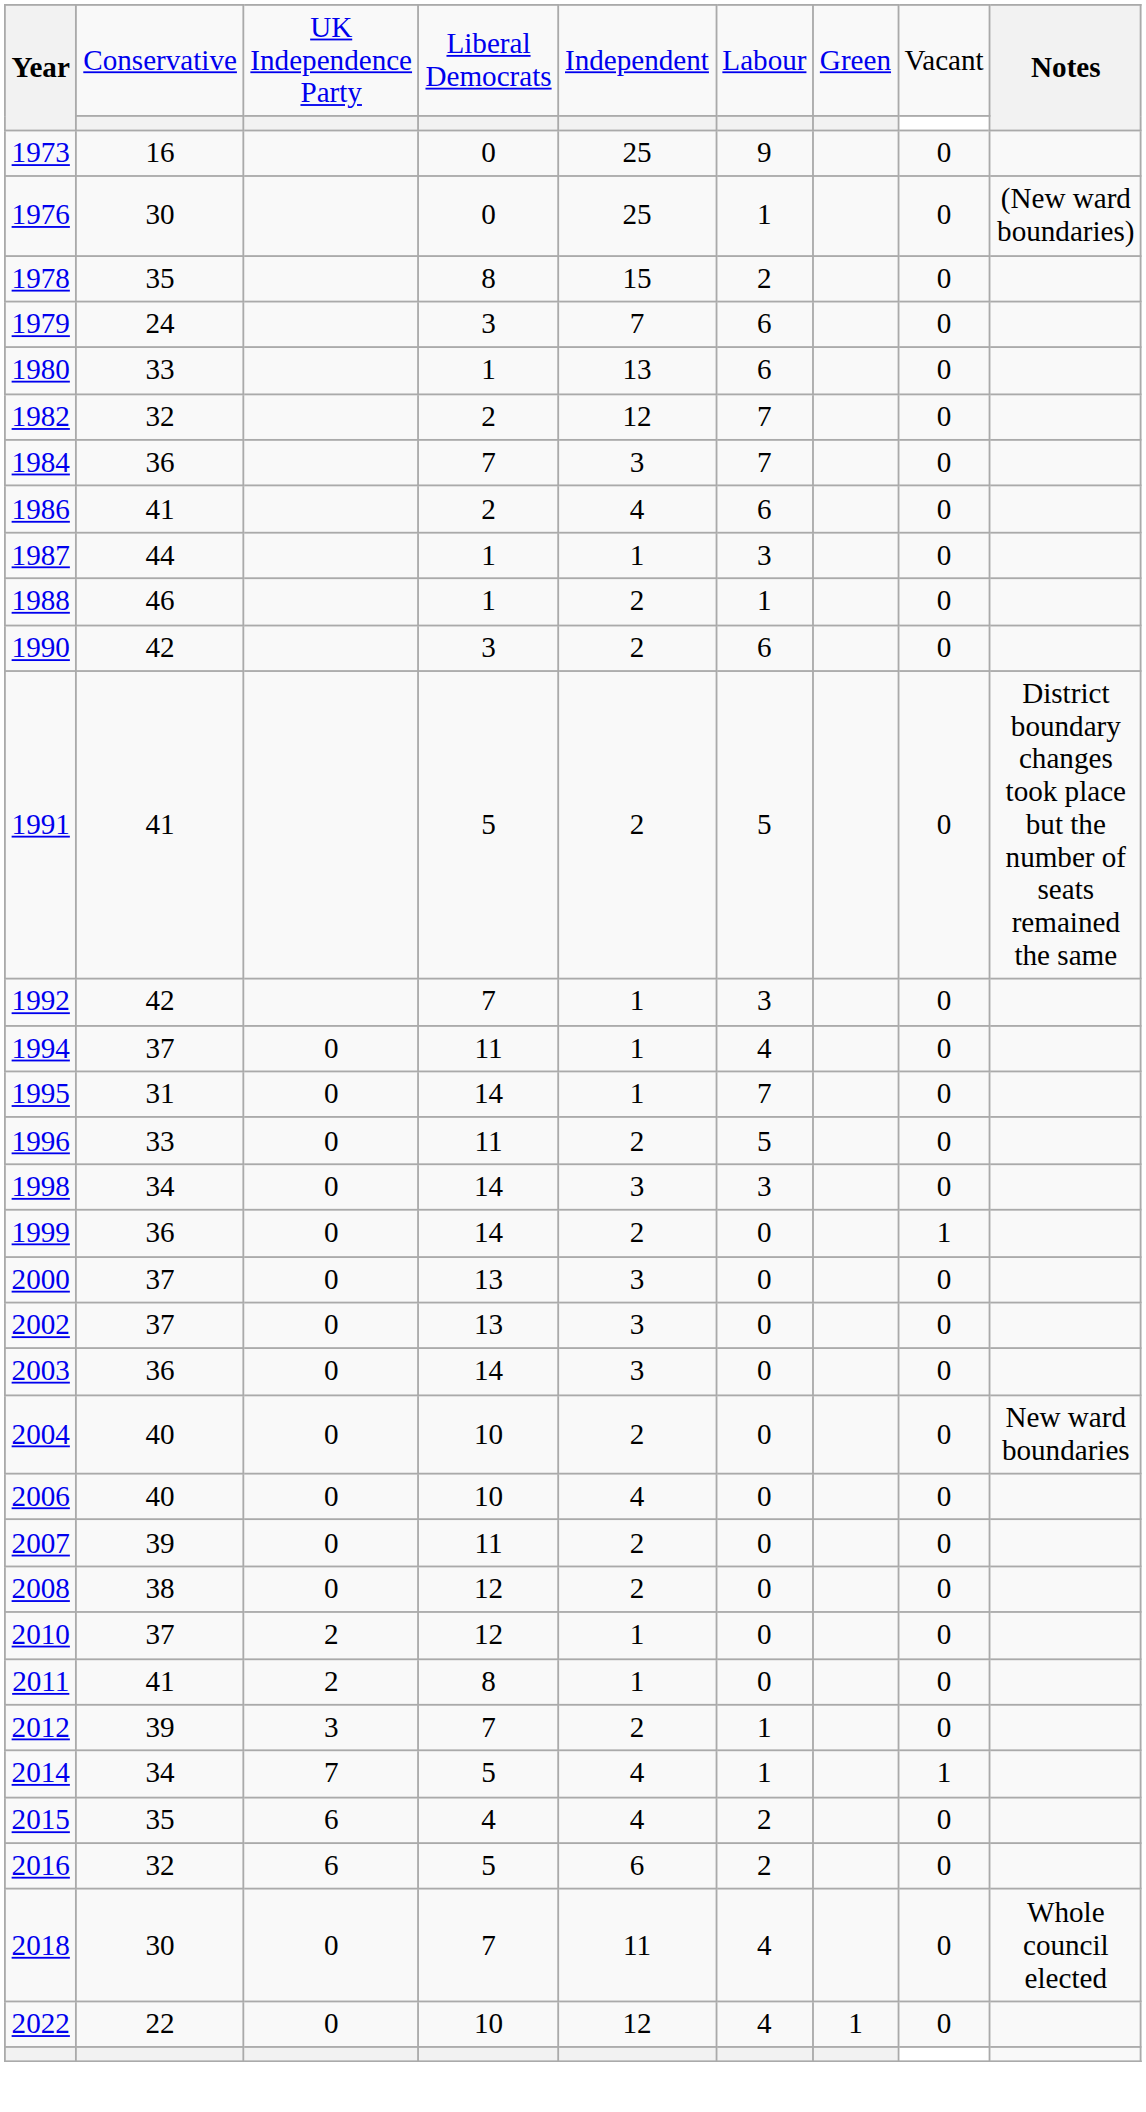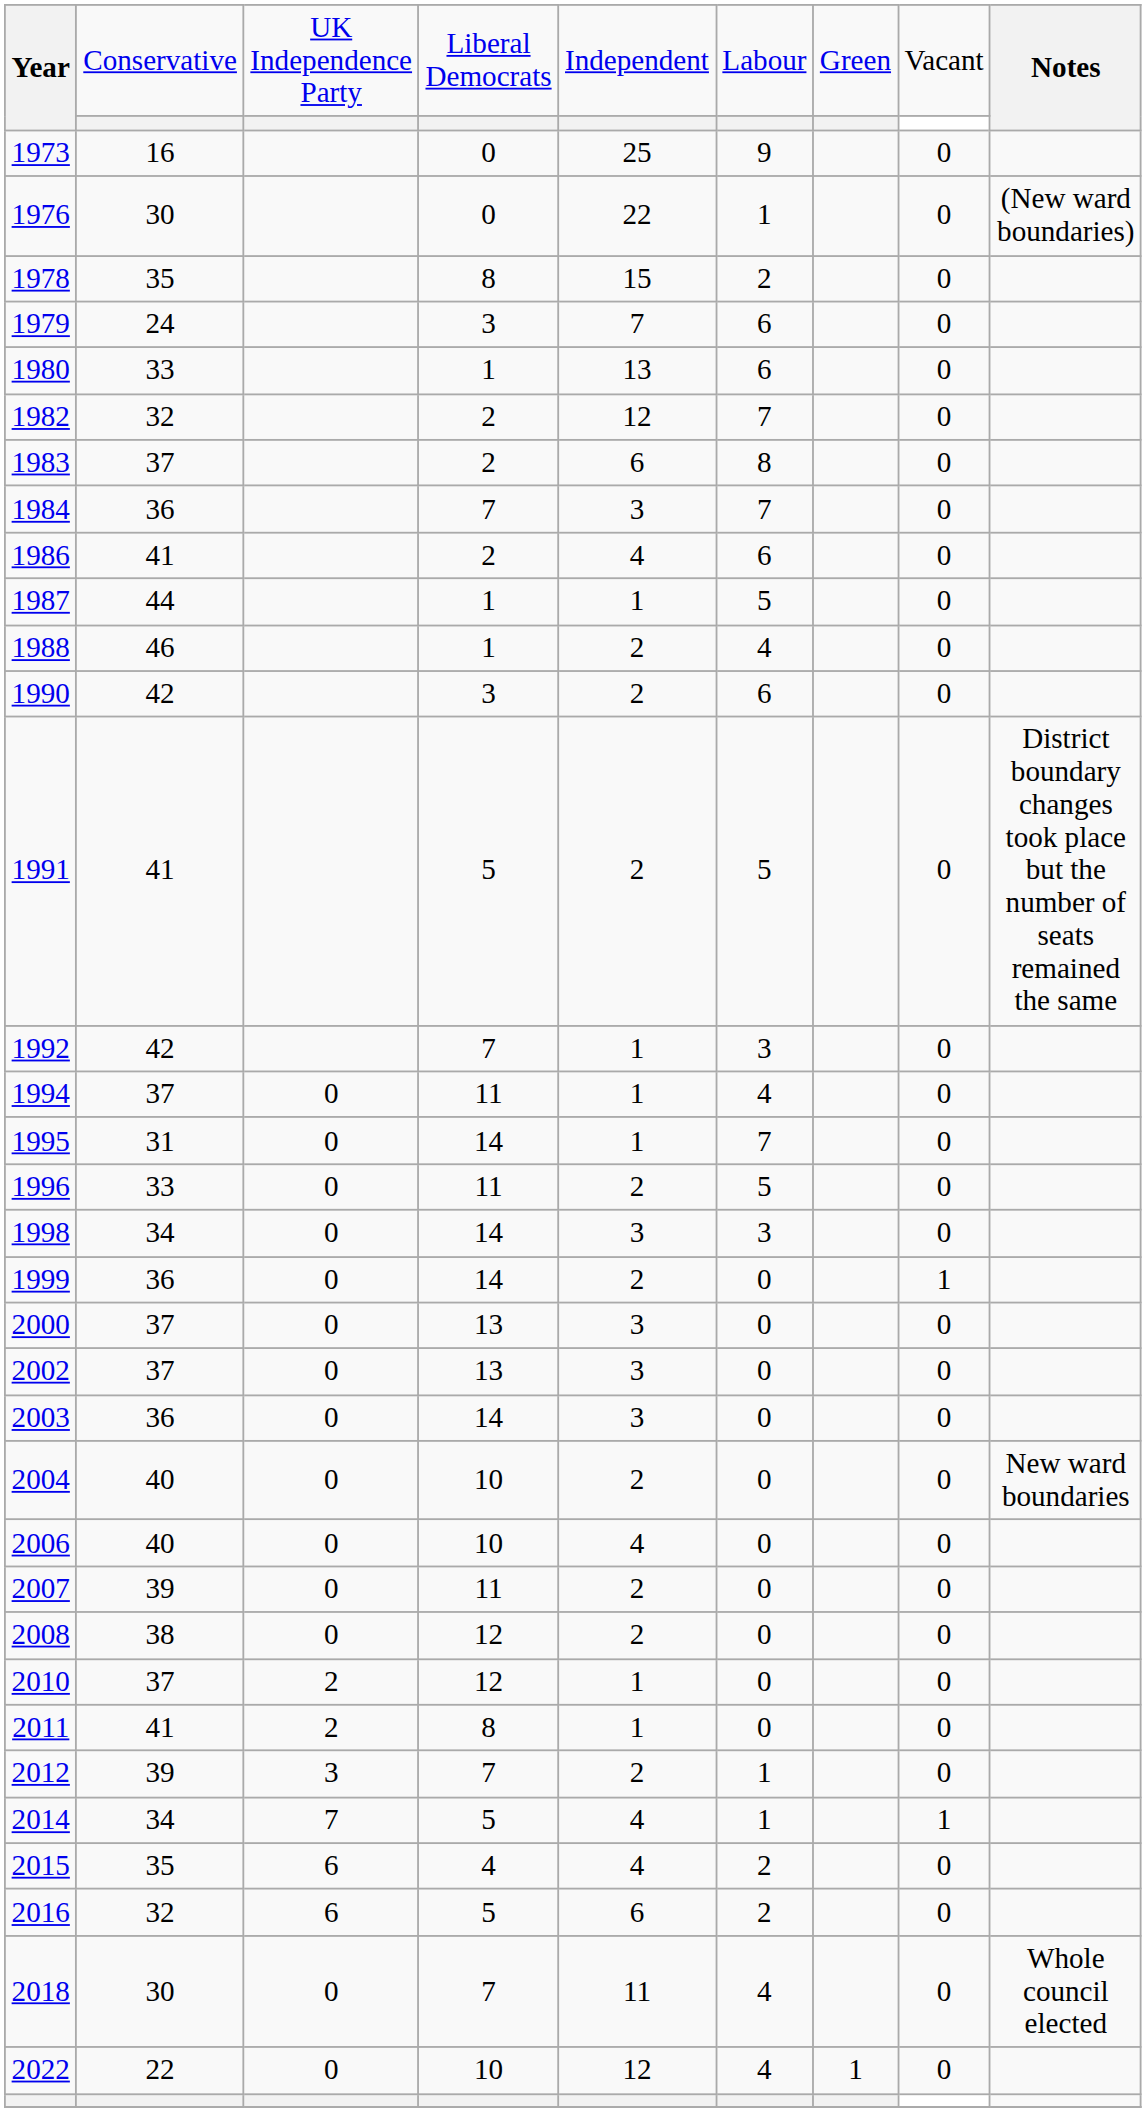 <table class=wikitable style=text-align:center>
 <tr>
 <th rowspan=2>Year</th>
 <td width="60"><a href='#'>Conservative</a></td>
 <td width="60"><a href='#'>UK Independence Party</a></td>
 <td width="60"><a href='#'>Liberal Democrats</a></td>
 <td width="60"><a href='#'>Independent</a></td>
 <td width="60"><a href='#'>Labour</a></td>
 <td><a href='#'>Green</a></td>
 <td width="60">Vacant</td>
 <th rowspan="2">Notes</th>
 </tr>
 <tr>
 <th style="background-color: "></th>
 <th style="background-color: "></th>
 <th style="background-color: "></th>
 <th style="background-color: "></th>
 <th style="background-color: "></th>
 <th style="background-color: "></th>
 <th style="background-color: white; width: 3px;"></th>
 </tr>
 <tr>
 <td><a href='#'>1973</a></td>
 <td>16</td>
 <td></td>
 <td>0</td>
 <td>25</td>
 <td>9</td>
 <td></td>
 <td>0</td>
 <td></td>
 </tr>
 <tr>
 <td><a href='#'>1976</a></td>
 <td>30</td>
 <td></td>
 <td>0</td>
-<td>25</td>
+<td>22</td>
 <td>1</td>
 <td></td>
 <td>0</td>
 <td>(New ward boundaries)</td>
 </tr>
 <tr>
 <td><a href='#'>1978</a></td>
 <td>35</td>
 <td></td>
 <td>8</td>
 <td>15</td>
 <td>2</td>
 <td></td>
 <td>0</td>
 <td></td>
 </tr>
 <tr>
 <td><a href='#'>1979</a></td>
 <td>24</td>
 <td></td>
 <td>3</td>
 <td>7</td>
 <td>6</td>
 <td></td>
 <td>0</td>
 <td></td>
 </tr>
 <tr>
 <td><a href='#'>1980</a></td>
 <td>33</td>
 <td></td>
 <td>1</td>
 <td>13</td>
 <td>6</td>
 <td></td>
 <td>0</td>
 <td></td>
 </tr>
 <tr>
 <td><a href='#'>1982</a></td>
 <td>32</td>
 <td></td>
 <td>2</td>
 <td>12</td>
 <td>7</td>
 <td></td>
 <td>0</td>
 <td></td>
 </tr>
 <tr>
+<td><a href='#'>1983</a></td>
+<td>37</td>
+<td></td>
+<td>2</td>
+<td>6</td>
+<td>8</td>
+<td></td>
+<td>0</td>
+<td></td>
+</tr>
+<tr>
 <td><a href='#'>1984</a></td>
 <td>36</td>
 <td></td>
 <td>7</td>
 <td>3</td>
 <td>7</td>
 <td></td>
 <td>0</td>
 <td></td>
 </tr>
 <tr>
 <td><a href='#'>1986</a></td>
 <td>41</td>
 <td></td>
 <td>2</td>
 <td>4</td>
 <td>6</td>
 <td></td>
 <td>0</td>
 <td></td>
 </tr>
 <tr>
 <td><a href='#'>1987</a></td>
 <td>44</td>
 <td></td>
 <td>1</td>
 <td>1</td>
-<td>3</td>
+<td>5</td>
 <td></td>
 <td>0</td>
 <td></td>
 </tr>
 <tr>
 <td><a href='#'>1988</a></td>
 <td>46</td>
 <td></td>
 <td>1</td>
 <td>2</td>
-<td>1</td>
+<td>4</td>
 <td></td>
 <td>0</td>
 <td></td>
 </tr>
 <tr>
 <td><a href='#'>1990</a></td>
 <td>42</td>
 <td></td>
 <td>3</td>
 <td>2</td>
 <td>6</td>
 <td></td>
 <td>0</td>
 <td></td>
 </tr>
 <tr>
 <td><a href='#'>1991</a></td>
 <td>41</td>
 <td></td>
 <td>5</td>
 <td>2</td>
 <td>5</td>
 <td></td>
 <td>0</td>
 <td>District boundary changes took place but the number of seats remained the same</td>
 </tr>
 <tr>
 <td><a href='#'>1992</a></td>
 <td>42</td>
 <td></td>
 <td>7</td>
 <td>1</td>
 <td>3</td>
 <td></td>
 <td>0</td>
 <td></td>
 </tr>
 <tr>
 <td><a href='#'>1994</a></td>
 <td>37</td>
 <td>0</td>
 <td>11</td>
 <td>1</td>
 <td>4</td>
 <td></td>
 <td>0</td>
 <td></td>
 </tr>
 <tr>
 <td><a href='#'>1995</a></td>
 <td>31</td>
 <td>0</td>
 <td>14</td>
 <td>1</td>
 <td>7</td>
 <td></td>
 <td>0</td>
 <td></td>
 </tr>
 <tr>
 <td><a href='#'>1996</a></td>
 <td>33</td>
 <td>0</td>
 <td>11</td>
 <td>2</td>
 <td>5</td>
 <td></td>
 <td>0</td>
 <td></td>
 </tr>
 <tr>
 <td><a href='#'>1998</a></td>
 <td>34</td>
 <td>0</td>
 <td>14</td>
 <td>3</td>
 <td>3</td>
 <td></td>
 <td>0</td>
 <td></td>
 </tr>
 <tr>
 <td><a href='#'>1999</a></td>
 <td>36</td>
 <td>0</td>
 <td>14</td>
 <td>2</td>
 <td>0</td>
 <td></td>
 <td>1</td>
 <td></td>
 </tr>
 <tr>
 <td><a href='#'>2000</a></td>
 <td>37</td>
 <td>0</td>
 <td>13</td>
 <td>3</td>
 <td>0</td>
 <td></td>
 <td>0</td>
 <td></td>
 </tr>
 <tr>
 <td><a href='#'>2002</a></td>
 <td>37</td>
 <td>0</td>
 <td>13</td>
 <td>3</td>
 <td>0</td>
 <td></td>
 <td>0</td>
 <td></td>
 </tr>
 <tr>
 <td><a href='#'>2003</a></td>
 <td>36</td>
 <td>0</td>
 <td>14</td>
 <td>3</td>
 <td>0</td>
 <td></td>
 <td>0</td>
 <td></td>
 </tr>
 <tr>
 <td><a href='#'>2004</a></td>
 <td>40</td>
 <td>0</td>
 <td>10</td>
 <td>2</td>
 <td>0</td>
 <td></td>
 <td>0</td>
 <td>New ward boundaries</td>
 </tr>
 <tr>
 <td><a href='#'>2006</a></td>
 <td>40</td>
 <td>0</td>
 <td>10</td>
 <td>4</td>
 <td>0</td>
 <td></td>
 <td>0</td>
 <td></td>
 </tr>
 <tr>
 <td><a href='#'>2007</a></td>
 <td>39</td>
 <td>0</td>
 <td>11</td>
 <td>2</td>
 <td>0</td>
 <td></td>
 <td>0</td>
 <td></td>
 </tr>
 <tr>
 <td><a href='#'>2008</a></td>
 <td>38</td>
 <td>0</td>
 <td>12</td>
 <td>2</td>
 <td>0</td>
 <td></td>
 <td>0</td>
 <td></td>
 </tr>
 <tr>
 <td><a href='#'>2010</a></td>
 <td>37</td>
 <td>2</td>
 <td>12</td>
 <td>1</td>
 <td>0</td>
 <td></td>
 <td>0</td>
 <td></td>
 </tr>
 <tr>
 <td><a href='#'>2011</a></td>
 <td>41</td>
 <td>2</td>
 <td>8</td>
 <td>1</td>
 <td>0</td>
 <td></td>
 <td>0</td>
 <td></td>
 </tr>
 <tr>
 <td><a href='#'>2012</a></td>
 <td>39</td>
 <td>3</td>
 <td>7</td>
 <td>2</td>
 <td>1</td>
 <td></td>
 <td>0</td>
 <td></td>
 </tr>
 <tr>
 <td><a href='#'>2014</a></td>
 <td>34</td>
 <td>7</td>
 <td>5</td>
 <td>4</td>
 <td>1</td>
 <td></td>
 <td>1</td>
 <td></td>
 </tr>
 <tr>
 <td><a href='#'>2015</a></td>
 <td>35</td>
 <td>6</td>
 <td>4</td>
 <td>4</td>
 <td>2</td>
 <td></td>
 <td>0</td>
 <td></td>
 </tr>
 <tr>
 <td><a href='#'>2016</a></td>
 <td>32</td>
 <td>6</td>
 <td>5</td>
 <td>6</td>
 <td>2</td>
 <td></td>
 <td>0</td>
 <td></td>
 </tr>
 <tr>
 <td><a href='#'>2018</a></td>
 <td>30</td>
 <td>0</td>
 <td>7</td>
 <td>11</td>
 <td>4</td>
 <td></td>
 <td>0</td>
 <td>Whole council elected</td>
 </tr>
 <tr>
 <td><a href='#'>2022</a></td>
 <td>22</td>
 <td>0</td>
 <td>10</td>
 <td>12</td>
 <td>4</td>
 <td>1</td>
 <td>0</td>
 <td></td>
 </tr>
 <tr>
 <th></th>
 <th style="background-color: "></th>
 <th style="background-color: "></th>
 <th style="background-color: "></th>
 <th style="background-color: "></th>
 <th style="background-color: "></th>
 <th style="background-color: "></th>
 <th style="background-color: white; width: 3px;"></th>
 <td></td>
 </tr>
 <tr>
 </tr>
 </table>
